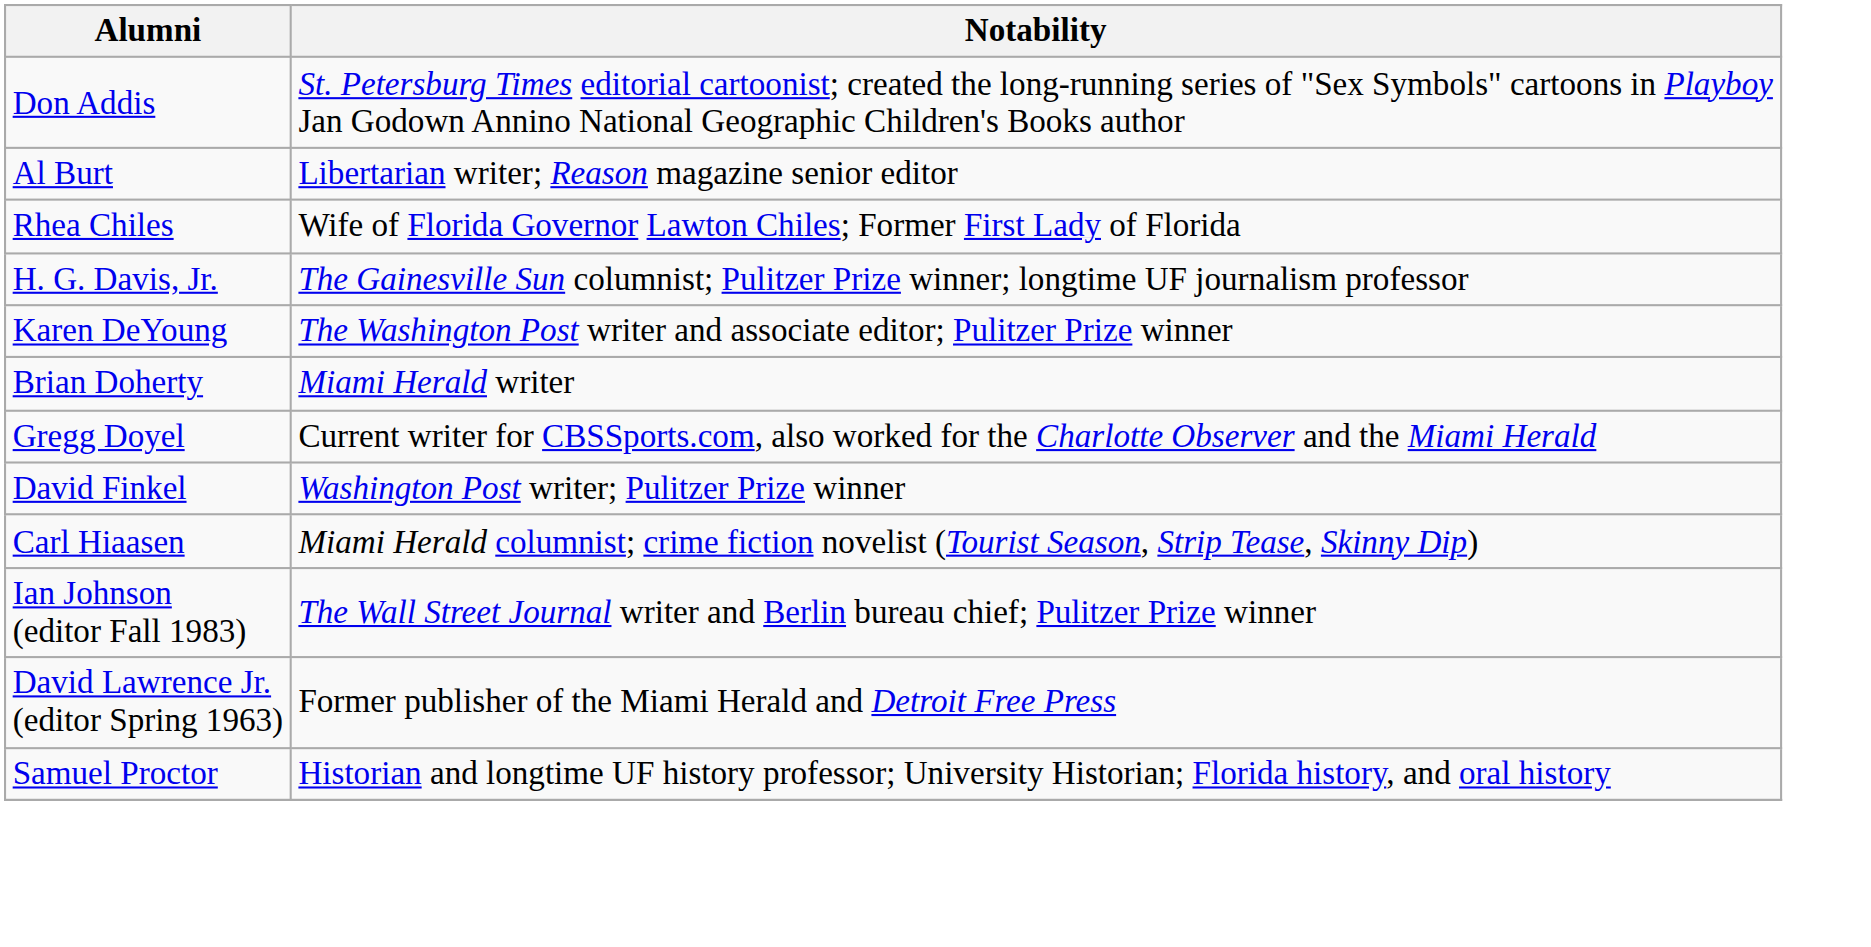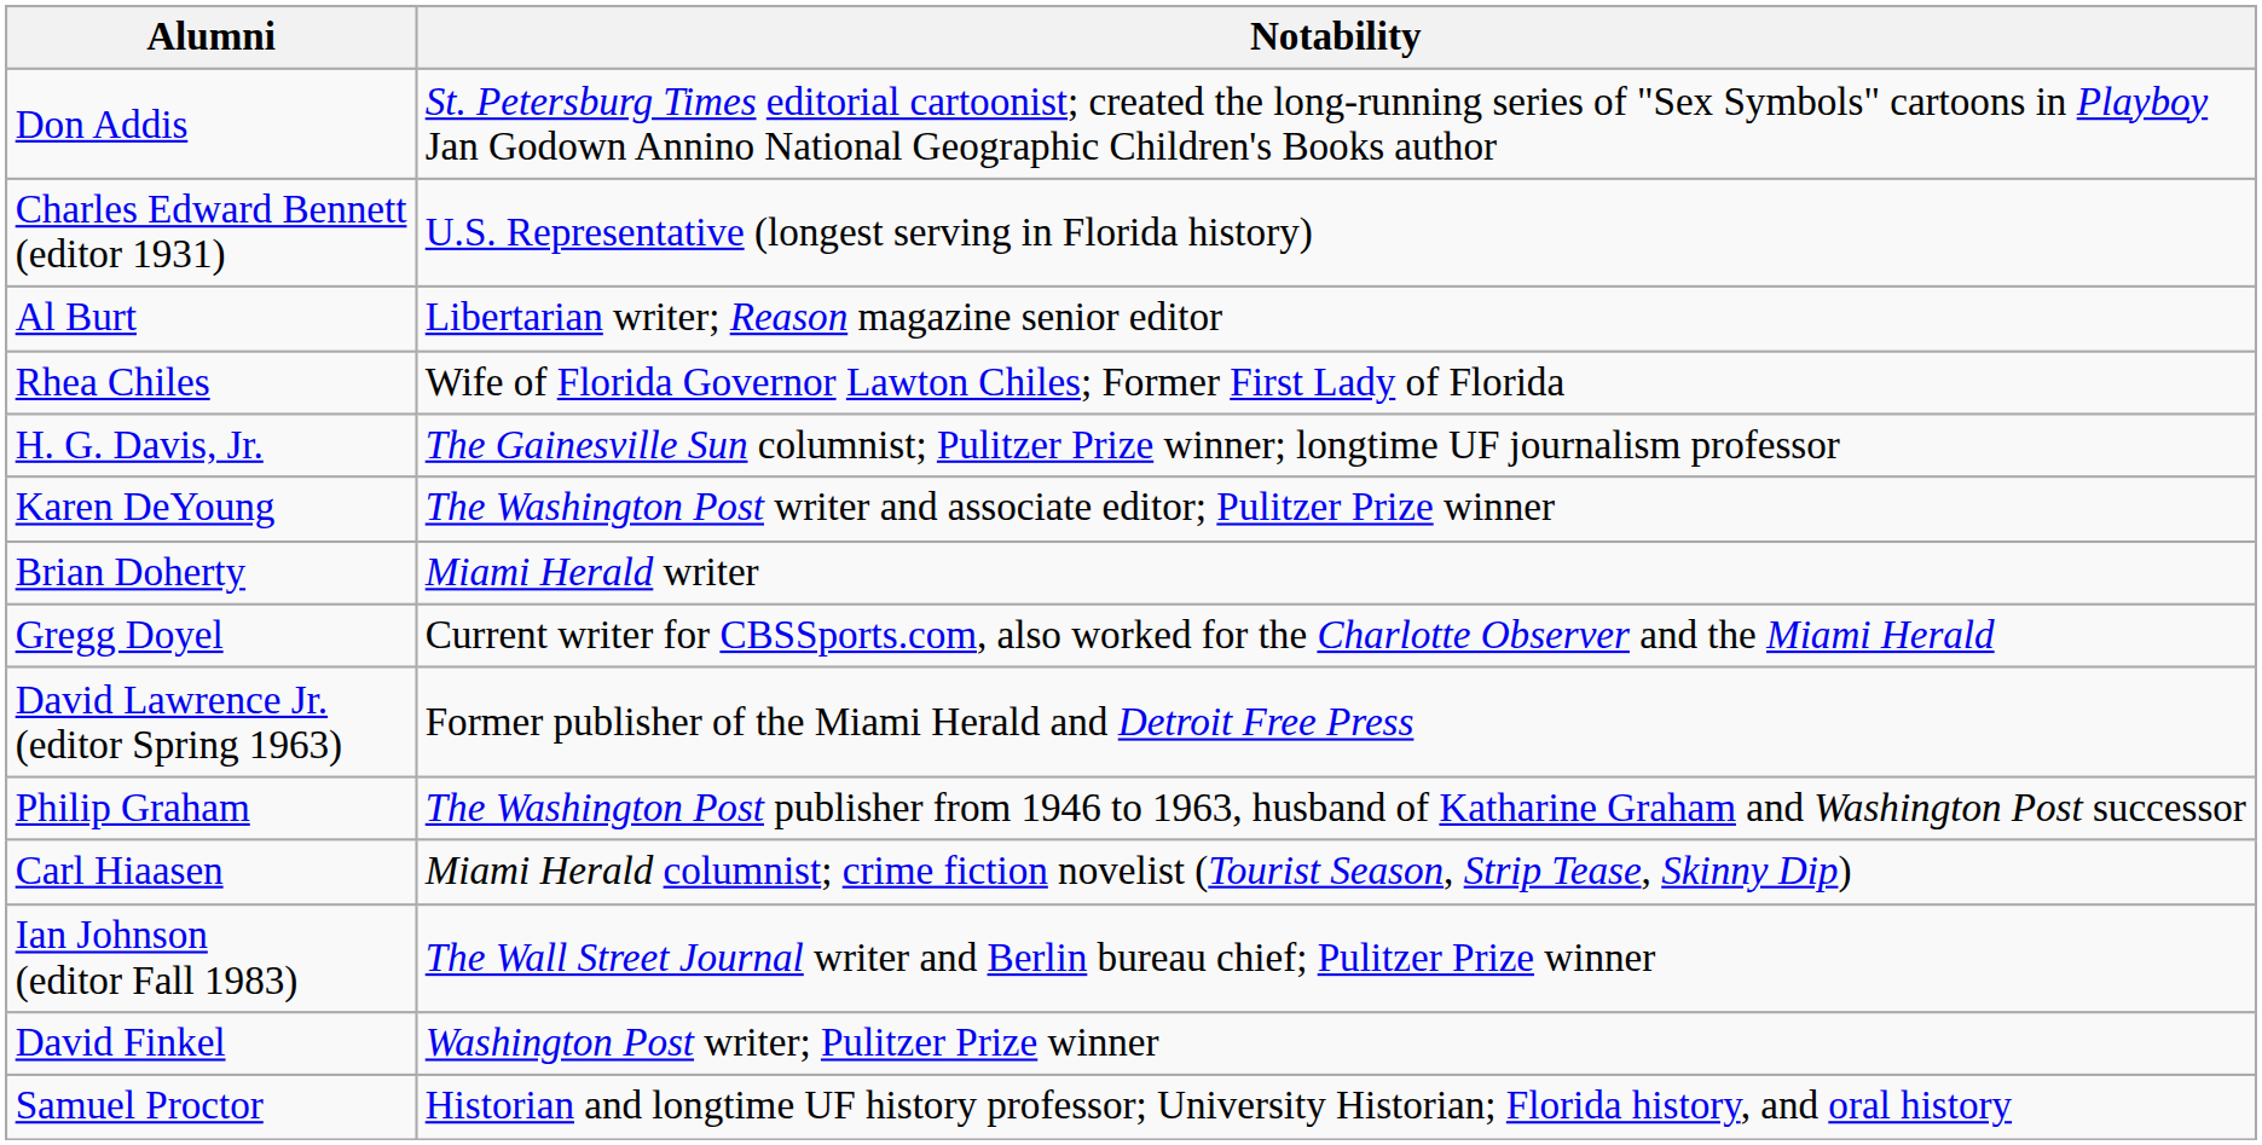 <table class="wikitable">
 <tr>
 <th>Alumni</th>
 <th>Notability</th>
 </tr>
 <tr>
 <td><a href='#'>Don Addis</a></td>
 <td><em><a href='#'>St. Petersburg Times</a></em> <a href='#'>editorial cartoonist</a>; created the long-running series of "Sex Symbols" cartoons in <em><a href='#'>Playboy</a></em><br>Jan Godown Annino National Geographic Children's Books author</td>
+</tr>
+<tr>
+<td><a href='#'>Charles Edward Bennett</a> <br>(editor 1931)</td>
+<td><a href='#'>U.S. Representative</a> (longest serving in Florida history)</td>
 </tr>
 <tr>
 <td><a href='#'>Al Burt</a></td>
 <td><a href='#'>Libertarian</a> writer; <em><a href='#'>Reason</a></em> magazine senior editor</td>
 </tr>
 <tr>
 <td><a href='#'>Rhea Chiles</a></td>
 <td>Wife of <a href='#'>Florida Governor</a> <a href='#'>Lawton Chiles</a>; Former <a href='#'>First Lady</a> of Florida</td>
 </tr>
 <tr>
 <td><a href='#'>H. G. Davis, Jr.</a></td>
 <td><em><a href='#'>The Gainesville Sun</a></em> columnist; <a href='#'>Pulitzer Prize</a> winner; longtime UF journalism professor</td>
 </tr>
 <tr>
 <td><a href='#'>Karen DeYoung</a></td>
 <td><em><a href='#'>The Washington Post</a></em> writer and associate editor; <a href='#'>Pulitzer Prize</a> winner</td>
 </tr>
 <tr>
 <td><a href='#'>Brian Doherty</a></td>
 <td><em><a href='#'>Miami Herald</a></em> writer</td>
 </tr>
 <tr>
 <td><a href='#'>Gregg Doyel</a></td>
 <td>Current writer for <a href='#'>CBSSports.com</a>, also worked for the <em><a href='#'>Charlotte Observer</a></em> and the <em><a href='#'>Miami Herald</a></em></td>
 </tr>
 <tr>
-<td><a href='#'>David Finkel</a></td>
-<td><em><a href='#'>Washington Post</a></em> writer; <a href='#'>Pulitzer Prize</a> winner</td>
+<td><a href='#'>David Lawrence Jr.</a> <br>(editor Spring 1963)</td>
+<td>Former publisher of the Miami Herald and <em><a href='#'>Detroit Free Press</a></em></td>
+</tr>
+<tr>
+<td><a href='#'>Philip Graham</a></td>
+<td><em><a href='#'>The Washington Post</a></em> publisher from 1946 to 1963, husband of <a href='#'>Katharine Graham</a> and <em>Washington Post</em> successor</td>
 </tr>
 <tr>
 <td><a href='#'>Carl Hiaasen</a></td>
 <td><em>Miami Herald</em> <a href='#'>columnist</a>; <a href='#'>crime fiction</a> novelist (<em><a href='#'>Tourist Season</a></em>, <em><a href='#'>Strip Tease</a></em>, <em><a href='#'>Skinny Dip</a></em>)</td>
 </tr>
 <tr>
 <td><a href='#'>Ian Johnson</a><br>(editor Fall 1983)</td>
 <td><em><a href='#'>The Wall Street Journal</a></em> writer and <a href='#'>Berlin</a> bureau chief; <a href='#'>Pulitzer Prize</a> winner</td>
 </tr>
 <tr>
-<td><a href='#'>David Lawrence Jr.</a> <br>(editor Spring 1963)</td>
-<td>Former publisher of the Miami Herald and <em><a href='#'>Detroit Free Press</a></em></td>
+<td><a href='#'>David Finkel</a></td>
+<td><em><a href='#'>Washington Post</a></em> writer; <a href='#'>Pulitzer Prize</a> winner</td>
 </tr>
 <tr>
 <td><a href='#'>Samuel Proctor</a></td>
 <td><a href='#'>Historian</a> and longtime UF history professor; University Historian; <a href='#'>Florida history</a>, and <a href='#'>oral history</a></td>
 </tr>
 <tr>
 </tr>
 </table>
